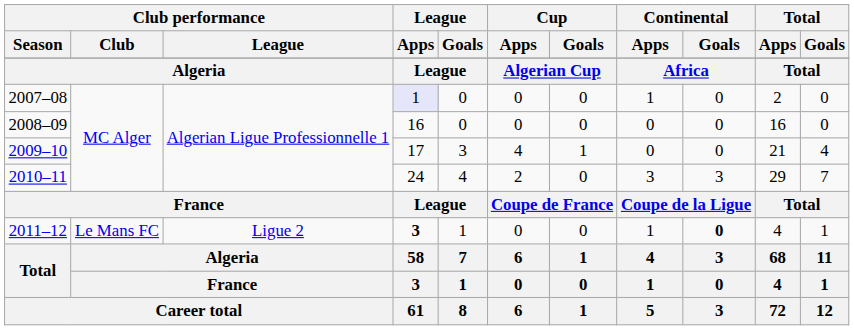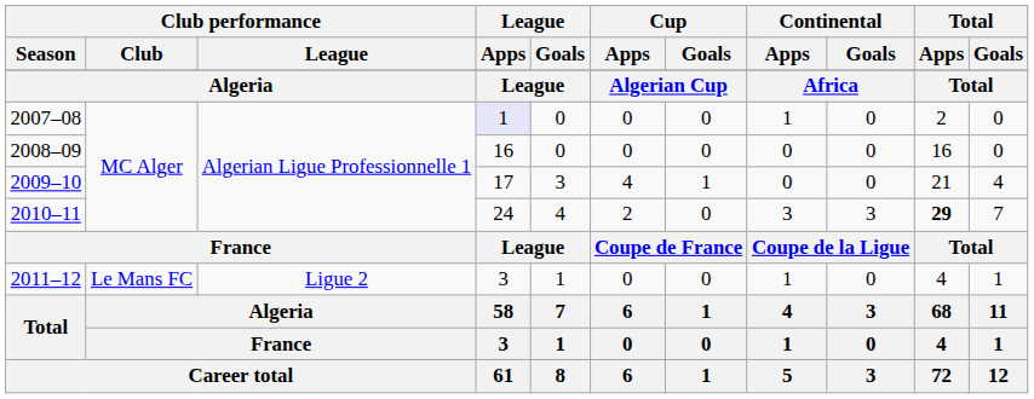 <table class="wikitable" style="text-align:center">
 <tr>
 <th colspan=3>Club performance</th>
 <th colspan=2>League</th>
 <th colspan=2>Cup</th>
 <th colspan=2>Continental</th>
 <th colspan=2>Total</th>
 </tr>
 <tr>
 <th>Season</th>
 <th>Club</th>
 <th>League</th>
 <th>Apps</th>
 <th>Goals</th>
 <th>Apps</th>
 <th>Goals</th>
 <th>Apps</th>
 <th>Goals</th>
 <th>Apps</th>
 <th>Goals</th>
 </tr>
 <tr>
 </tr>
 <tr>
 <th colspan=3>Algeria</th>
 <th colspan=2>League</th>
 <th colspan=2><a href='#'>Algerian Cup</a></th>
 <th colspan=2><a href='#'>Africa</a></th>
 <th colspan=2>Total</th>
 </tr>
 <tr>
 <td>2007–08</td>
 <td rowspan="4"><a href='#'>MC Alger</a></td>
 <td rowspan="4"><a href='#'>Algerian Ligue Professionnelle 1</a></td>
 <td style="background: lavender;">1</td>
 <td>0</td>
 <td>0</td>
 <td 0>0</td>
 <td>1</td>
 <td>0</td>
 <td>2</td>
 <td>0</td>
 </tr>
 <tr>
 <td>2008–09</td>
 <td>16</td>
 <td>0</td>
 <td>0</td>
 <td>0</td>
 <td>0</td>
 <td>0</td>
 <td>16</td>
 <td>0</td>
 </tr>
 <tr>
 <td><a href='#'>2009–10</a></td>
 <td>17</td>
 <td>3</td>
 <td>4</td>
 <td>1</td>
 <td>0</td>
 <td>0</td>
 <td>21</td>
 <td>4</td>
 </tr>
 <tr>
 <td><a href='#'>2010–11</a></td>
 <td>24</td>
 <td>4</td>
 <td>2</td>
 <td>0</td>
 <td>3</td>
 <td>3</td>
-<td>29</td>
+<td><strong>29</strong></td>
 <td>7</td>
 </tr>
 <tr>
 <th colspan=3>France</th>
 <th colspan=2>League</th>
 <th colspan=2><a href='#'>Coupe de France</a></th>
 <th colspan=2><a href='#'>Coupe de la Ligue</a></th>
 <th colspan=2>Total</th>
 </tr>
 <tr>
 <td><a href='#'>2011–12</a></td>
 <td><a href='#'>Le Mans FC</a></td>
 <td><a href='#'>Ligue 2</a></td>
-<td><strong>3</strong></td>
+<td>3</td>
 <td>1</td>
 <td>0</td>
 <td>0</td>
 <td>1</td>
-<td><strong>0</strong></td>
+<td>0</td>
 <td>4</td>
 <td>1</td>
 </tr>
 <tr>
 <th rowspan=2>Total</th>
 <th colspan=2>Algeria</th>
 <th>58</th>
 <th>7</th>
 <th>6</th>
 <th>1</th>
 <th>4</th>
 <th>3</th>
 <th>68</th>
 <th>11</th>
 </tr>
 <tr>
 <th colspan=2>France</th>
 <th>3</th>
 <th>1</th>
 <th>0</th>
 <th>0</th>
 <th>1</th>
 <th>0</th>
 <th>4</th>
 <th>1</th>
 </tr>
 <tr>
 <th colspan=3>Career total</th>
 <th>61</th>
 <th>8</th>
 <th>6</th>
 <th>1</th>
 <th>5</th>
 <th>3</th>
 <th>72</th>
 <th>12</th>
 </tr>
 </table>
